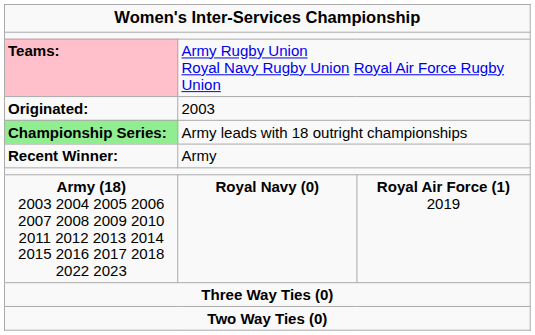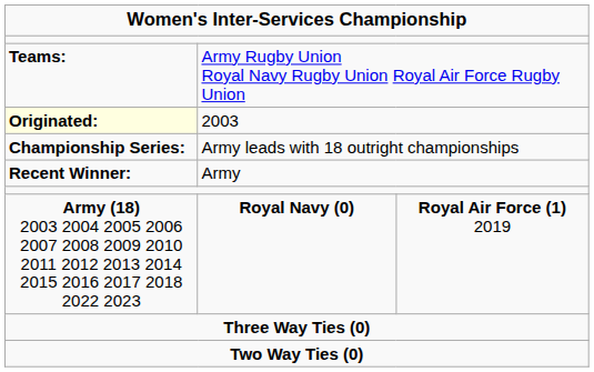 <table class="wikitable" style="width: 35em; font-size: 95%;">
 <tr>
 <td colspan="3" style="text-align: center; font-size: 110%;"><strong>Women's Inter-Services Championship</strong></td>
 </tr>
 <tr>
 <td colspan="3" style="text-align: center;"></td>
 </tr>
 <tr>
-<td valign="top" style="background: pink;"><strong>Teams:</strong></td>
+<td valign="top"><strong>Teams:</strong></td>
 <td colspan="2"><a href='#'>Army Rugby Union</a><br><a href='#'>Royal Navy Rugby Union</a> <a href='#'>Royal Air Force Rugby Union</a></td>
 </tr>
 <tr>
-<td><strong>Originated:</strong></td>
+<td style="background: lightyellow;"><strong>Originated:</strong></td>
 <td colspan="2">2003</td>
 </tr>
 <tr>
-<td valign="top" style="background: lightgreen;"><strong>Championship Series:</strong></td>
+<td valign="top"><strong>Championship Series:</strong></td>
 <td colspan="2">Army leads with 18 outright championships</td>
 </tr>
 <tr>
 <td><strong>Recent Winner:</strong></td>
 <td colspan="2">Army</td>
 </tr>
 <tr>
 <td colspan="3" style="border-bottom: 1px solid #aaa;"></td>
 </tr>
 <tr>
 <td width="33%" align="center" valign="top"><strong>Army (18)</strong><br>2003 2004 2005 2006 2007 2008 2009 2010 2011 2012 2013 2014  2015 2016 2017  2018 2022 2023</td>
 <td width="34%" align="center" valign="top"><strong>Royal Navy (0)</strong></td>
 <td width="33%" align="center" valign="top"><strong>Royal Air Force (1)</strong><br>2019</td>
 </tr>
 <tr>
 <td colspan="3" style="text-align: center; border-top: 1px solid #aaa;"><strong>Three Way Ties (0)</strong></td>
 </tr>
 <tr>
 <td colspan="3" style="text-align: center; border-top: 1px solid #aaa;"><strong>Two Way Ties (0)</strong></td>
 </tr>
 </table>
